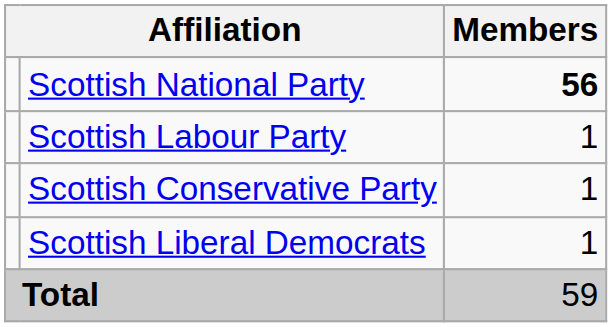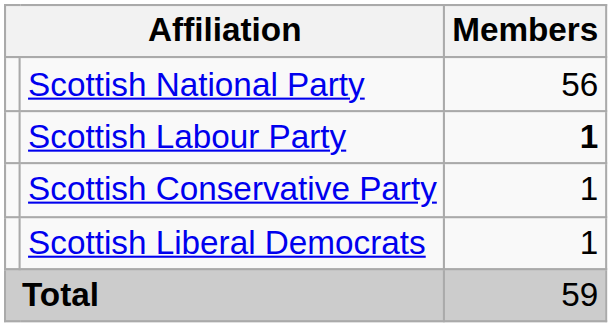 <table class="wikitable">
 <tr>
 <th colspan="2">Affiliation</th>
 <th>Members</th>
 </tr>
 <tr>
 <td style="color:inherit;background:"></td>
 <td><a href='#'>Scottish National Party</a></td>
-<td align="right"><strong>56</strong></td>
+<td align="right">56</td>
 </tr>
 <tr>
 <td style="color:inherit;background:"></td>
 <td><a href='#'>Scottish Labour Party</a></td>
-<td align="right">1</td>
+<td align="right"><strong>1</strong></td>
 </tr>
 <tr>
 <td style="color:inherit;background:"></td>
 <td><a href='#'>Scottish Conservative Party</a></td>
 <td align="right">1</td>
 </tr>
 <tr>
 <td style="color:inherit;background:"></td>
 <td><a href='#'>Scottish Liberal Democrats</a></td>
 <td align="right">1</td>
 </tr>
 <tr bgcolor="CCCCCC">
 <td colspan="2" rowspan="1"> <strong>Total</strong></td>
 <td align="right">59</td>
 </tr>
 </table>
